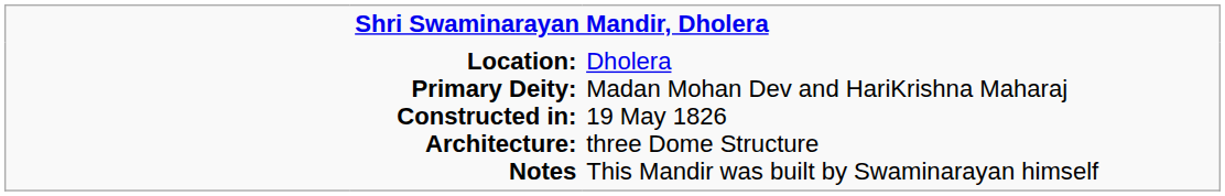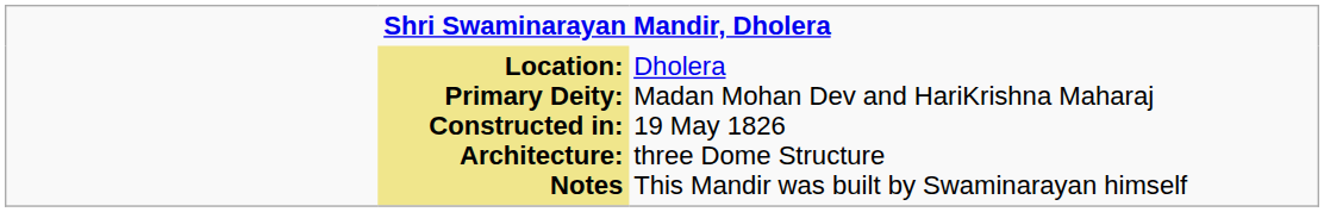 <table class="wikitable plain" border="0" width="800">
 <tr>
 <td width="220px" rowspan="2" style="border:none;"></td>
 <td valign="top" colspan=2 style="border:none;"><strong><a href='#'>Shri Swaminarayan Mandir, Dholera</a></strong></td>
 </tr>
 <tr>
-<td valign="top" style="text-align:right; border:none;"><strong>Location:</strong> <br><strong>Primary Deity:</strong><br><strong>Constructed in:</strong><br><strong>Architecture:</strong><br><strong>Notes</strong></td>
+<td valign="top" style="background: khaki; text-align:right; border:none;"><strong>Location:</strong> <br><strong>Primary Deity:</strong><br><strong>Constructed in:</strong><br><strong>Architecture:</strong><br><strong>Notes</strong></td>
 <td valign="top" style="border:none;"><a href='#'>Dholera</a> <br>Madan Mohan Dev and HariKrishna Maharaj <br>19 May 1826 <br>three Dome Structure<br>This Mandir was built by Swaminarayan himself</td>
 </tr>
 </table>
